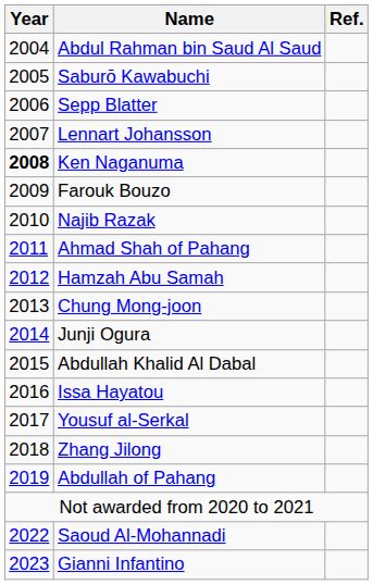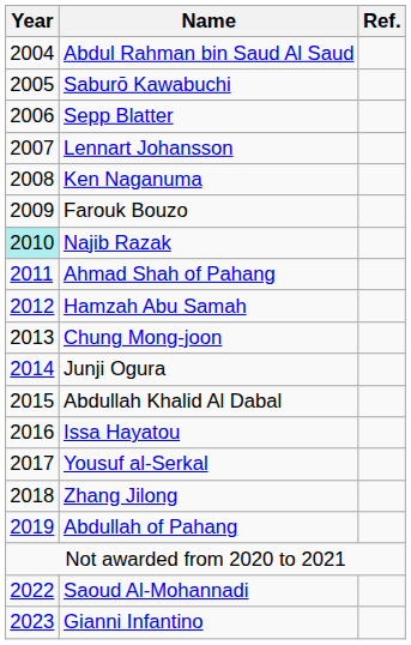 <table class="wikitable">
 <tr>
 <th>Year</th>
 <th>Name</th>
 <th>Ref.</th>
 </tr>
 <tr>
 <td>2004</td>
 <td> <a href='#'>Abdul Rahman bin Saud Al Saud</a></td>
 <td></td>
 </tr>
 <tr>
 <td>2005</td>
 <td> <a href='#'>Saburō Kawabuchi</a></td>
 <td></td>
 </tr>
 <tr>
 <td>2006</td>
 <td> <a href='#'>Sepp Blatter</a></td>
 <td></td>
 </tr>
 <tr>
 <td>2007</td>
 <td> <a href='#'>Lennart Johansson</a></td>
 <td></td>
 </tr>
 <tr>
-<td><strong>2008</strong></td>
+<td>2008</td>
 <td> <a href='#'>Ken Naganuma</a></td>
 <td></td>
 </tr>
 <tr>
 <td>2009</td>
 <td> Farouk Bouzo</td>
 <td></td>
 </tr>
 <tr>
-<td>2010</td>
+<td style="background: paleturquoise;">2010</td>
 <td> <a href='#'>Najib Razak</a></td>
 <td></td>
 </tr>
 <tr>
 <td><a href='#'>2011</a></td>
 <td> <a href='#'>Ahmad Shah of Pahang</a></td>
 <td></td>
 </tr>
 <tr>
 <td><a href='#'>2012</a></td>
 <td> <a href='#'>Hamzah Abu Samah</a></td>
 <td></td>
 </tr>
 <tr>
 <td>2013</td>
 <td> <a href='#'>Chung Mong-joon</a></td>
 <td></td>
 </tr>
 <tr>
 <td><a href='#'>2014</a></td>
 <td> Junji Ogura</td>
 <td></td>
 </tr>
 <tr>
 <td>2015</td>
 <td> Abdullah Khalid Al Dabal</td>
 <td></td>
 </tr>
 <tr>
 <td>2016</td>
 <td> <a href='#'>Issa Hayatou</a></td>
 <td></td>
 </tr>
 <tr>
 <td>2017</td>
 <td> <a href='#'>Yousuf al-Serkal</a></td>
 <td></td>
 </tr>
 <tr>
 <td>2018</td>
 <td> <a href='#'>Zhang Jilong</a></td>
 <td></td>
 </tr>
 <tr>
 <td><a href='#'>2019</a></td>
 <td> <a href='#'>Abdullah of Pahang</a></td>
 <td></td>
 </tr>
 <tr>
 <td colspan="3" align="center">Not awarded from 2020 to 2021</td>
 </tr>
 <tr>
 <td><a href='#'>2022</a></td>
 <td> <a href='#'>Saoud Al-Mohannadi</a></td>
 <td></td>
 </tr>
 <tr>
 <td><a href='#'>2023</a></td>
 <td> <a href='#'>Gianni Infantino</a></td>
 <td></td>
 </tr>
 </table>
